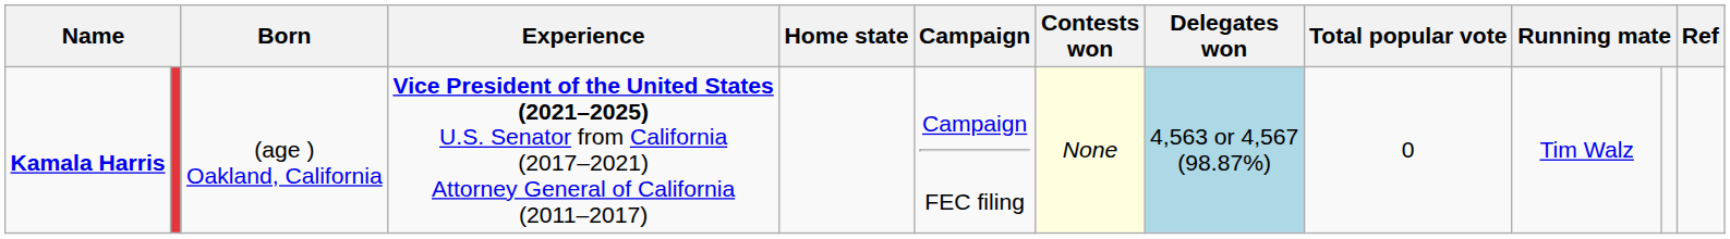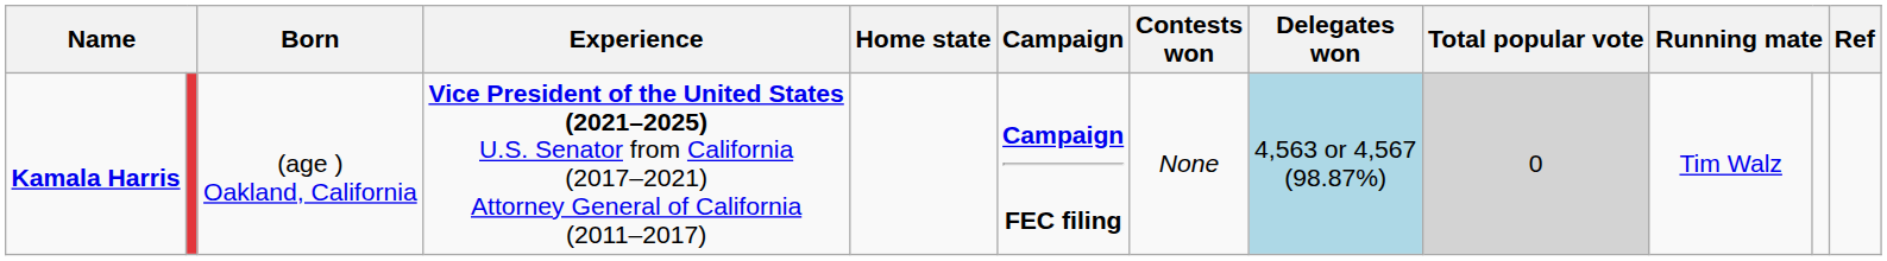 <table class="wikitable" style="text-align:center;">
 <tr>
 <th colspan="2">Name</th>
 <th>Born</th>
 <th class="unsortable">Experience</th>
 <th>Home state</th>
 <th>Campaign <br> </th>
 <th>Contests<br>won</th>
 <th>Delegates<br>won</th>
 <th>Total popular vote</th>
 <th colspan="2">Running mate</th>
 <th>Ref</th>
 </tr>
 <tr>
 <td><br><strong><a href='#'>Kamala Harris</a></strong></td>
 <td style="background:#E3363B;"></td>
 <td><br>(age )<br><a href='#'>Oakland, California</a></td>
 <td><strong><a href='#'>Vice President of the United States</a><br>(2021–2025)</strong><br><a href='#'>U.S. Senator</a> from <a href='#'>California</a><br>(2017–2021)<br><a href='#'>Attorney General of California</a><br>(2011–2017)</td>
 <td></td>
-<td><br><a href='#'>Campaign</a><hr><br>FEC filing<br></td>
-<td style="background: lightyellow;"><em>None</em></td>
+<td><strong><br><a href='#'>Campaign</a><hr><br>FEC filing<br></strong></td>
+<td><em>None</em></td>
 <td style="background: lightblue;">4,563 or 4,567<br>(98.87%)</td>
-<td>0</td>
+<td style="background: lightgrey;">0</td>
 <td> <a href='#'>Tim Walz</a></td>
 <td><br></td>
 </tr>
 </table>
